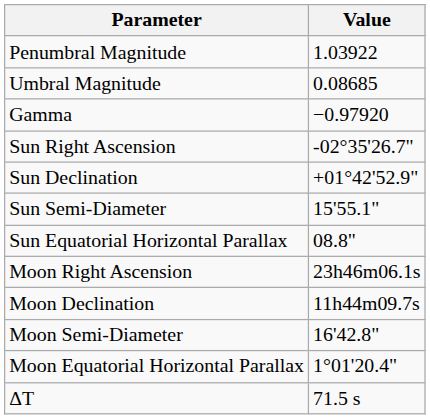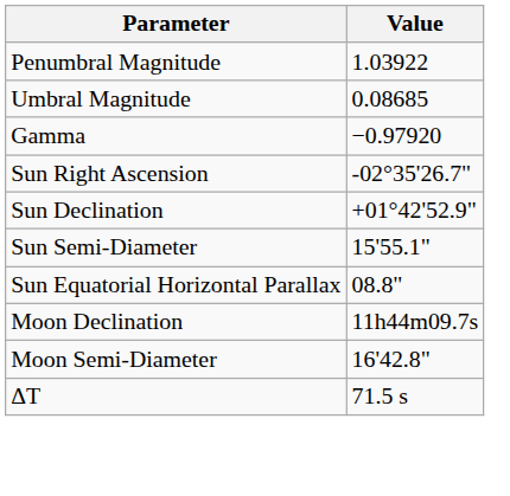 <table class="wikitable">
 <tr>
 <th>Parameter</th>
 <th>Value</th>
 </tr>
 <tr>
 <td>Penumbral Magnitude</td>
 <td>1.03922</td>
 </tr>
 <tr>
 <td>Umbral Magnitude</td>
 <td>0.08685</td>
 </tr>
 <tr>
 <td>Gamma</td>
 <td>−0.97920</td>
 </tr>
 <tr>
 <td>Sun Right Ascension</td>
 <td>-02°35'26.7"</td>
 </tr>
 <tr>
 <td>Sun Declination</td>
 <td>+01°42'52.9"</td>
 </tr>
 <tr>
 <td>Sun Semi-Diameter</td>
 <td>15'55.1"</td>
 </tr>
 <tr>
 <td>Sun Equatorial Horizontal Parallax</td>
 <td>08.8"</td>
 </tr>
 <tr>
-<td>Moon Right Ascension</td>
-<td>23h46m06.1s</td>
-</tr>
-<tr>
 <td>Moon Declination</td>
 <td>11h44m09.7s</td>
 </tr>
 <tr>
 <td>Moon Semi-Diameter</td>
 <td>16'42.8"</td>
 </tr>
 <tr>
-<td>Moon Equatorial Horizontal Parallax</td>
-<td>1°01'20.4"</td>
-</tr>
-<tr>
 <td>ΔT</td>
 <td>71.5 s</td>
 </tr>
 </table>
